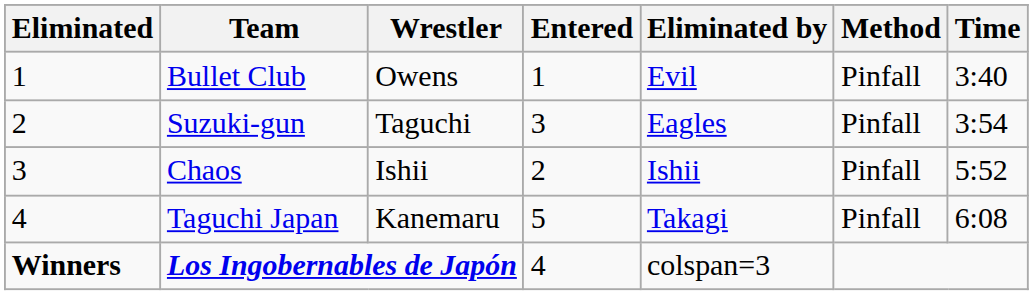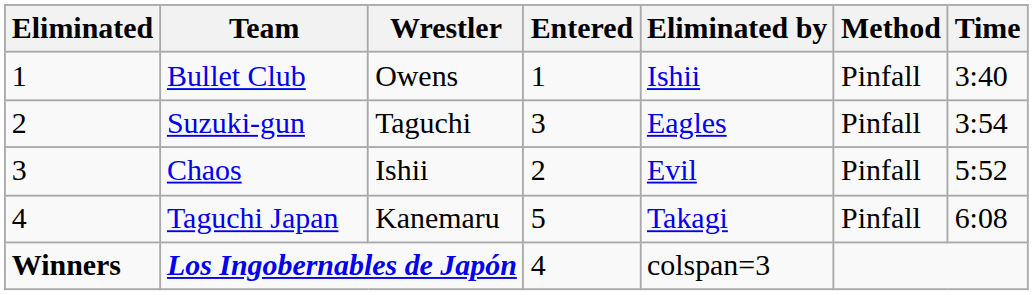 <table class="wikitable sortable">
 <tr>
 <th>Eliminated</th>
 <th>Team</th>
 <th>Wrestler</th>
 <th>Entered</th>
 <th>Eliminated by</th>
 <th>Method</th>
 <th>Time</th>
 </tr>
 <tr>
 <td>1</td>
 <td><a href='#'>Bullet Club</a> </td>
 <td>Owens</td>
 <td>1</td>
-<td><a href='#'>Evil</a></td>
+<td><a href='#'>Ishii</a></td>
 <td>Pinfall</td>
 <td>3:40</td>
 </tr>
 <tr>
 <td>2</td>
 <td><a href='#'>Suzuki-gun</a> </td>
 <td>Taguchi</td>
 <td>3</td>
 <td><a href='#'>Eagles</a></td>
 <td>Pinfall</td>
 <td>3:54</td>
 </tr>
 <tr>
 <td>3</td>
 <td><a href='#'>Chaos</a> </td>
 <td>Ishii</td>
 <td>2</td>
-<td><a href='#'>Ishii</a></td>
+<td><a href='#'>Evil</a></td>
 <td>Pinfall</td>
 <td>5:52</td>
 </tr>
 <tr>
 <td>4</td>
 <td><a href='#'>Taguchi Japan</a> </td>
 <td>Kanemaru</td>
 <td>5</td>
 <td><a href='#'>Takagi</a></td>
 <td>Pinfall</td>
 <td>6:08</td>
 </tr>
 <tr>
 <td><strong>Winners</strong></td>
 <td colspan=2><strong><em><a href='#'>Los Ingobernables de Japón</a><em> <strong></td>
 <td>4</td>
 <td>colspan=3 </td>
 </tr>
 </table>
